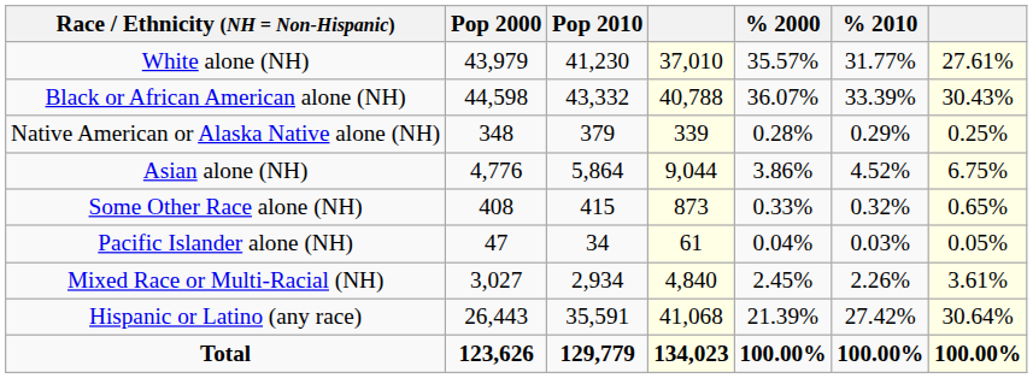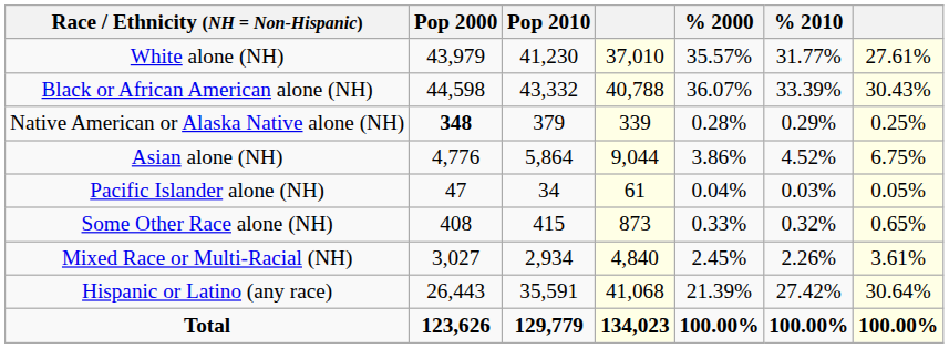 <table class="wikitable" style="text-align:center;">
 <tr>
 <th>Race / Ethnicity <small>(<em>NH = Non-Hispanic</em>)</small></th>
 <th>Pop 2000</th>
 <th>Pop 2010</th>
 <th></th>
 <th>% 2000</th>
 <th>% 2010</th>
 <th></th>
 </tr>
 <tr>
 <td><a href='#'>White</a> alone (NH)</td>
 <td>43,979</td>
 <td>41,230</td>
 <td style='background: #ffffe6;'>37,010</td>
 <td>35.57%</td>
 <td>31.77%</td>
 <td style='background: #ffffe6;'>27.61%</td>
 </tr>
 <tr>
 <td><a href='#'>Black or African American</a> alone (NH)</td>
 <td>44,598</td>
 <td>43,332</td>
 <td style='background: #ffffe6;'>40,788</td>
 <td>36.07%</td>
 <td>33.39%</td>
 <td style='background: #ffffe6;'>30.43%</td>
 </tr>
 <tr>
 <td>Native American or <a href='#'>Alaska Native</a> alone (NH)</td>
-<td>348</td>
+<td><strong>348</strong></td>
 <td>379</td>
 <td style='background: #ffffe6;'>339</td>
 <td>0.28%</td>
 <td>0.29%</td>
 <td style='background: #ffffe6;'>0.25%</td>
 </tr>
 <tr>
 <td><a href='#'>Asian</a> alone (NH)</td>
 <td>4,776</td>
 <td>5,864</td>
 <td style='background: #ffffe6;'>9,044</td>
 <td>3.86%</td>
 <td>4.52%</td>
 <td style='background: #ffffe6;'>6.75%</td>
 </tr>
 <tr>
+<td><a href='#'>Pacific Islander</a> alone (NH)</td>
+<td>47</td>
+<td>34</td>
+<td style='background: #ffffe6;'>61</td>
+<td>0.04%</td>
+<td>0.03%</td>
+<td style='background: #ffffe6;'>0.05%</td>
+</tr>
+<tr>
 <td><a href='#'>Some Other Race</a> alone (NH)</td>
 <td>408</td>
 <td>415</td>
 <td style='background: #ffffe6;'>873</td>
 <td>0.33%</td>
 <td>0.32%</td>
 <td style='background: #ffffe6;'>0.65%</td>
-</tr>
-<tr>
-<td><a href='#'>Pacific Islander</a> alone (NH)</td>
-<td>47</td>
-<td>34</td>
-<td style='background: #ffffe6;'>61</td>
-<td>0.04%</td>
-<td>0.03%</td>
-<td style='background: #ffffe6;'>0.05%</td>
 </tr>
 <tr>
 <td><a href='#'>Mixed Race or Multi-Racial</a> (NH)</td>
 <td>3,027</td>
 <td>2,934</td>
 <td style='background: #ffffe6;'>4,840</td>
 <td>2.45%</td>
 <td>2.26%</td>
 <td style='background: #ffffe6;'>3.61%</td>
 </tr>
 <tr>
 <td><a href='#'>Hispanic or Latino</a> (any race)</td>
 <td>26,443</td>
 <td>35,591</td>
 <td style='background: #ffffe6;'>41,068</td>
 <td>21.39%</td>
 <td>27.42%</td>
 <td style='background: #ffffe6;'>30.64%</td>
 </tr>
 <tr>
 <td><strong>Total</strong></td>
 <td><strong>123,626</strong></td>
 <td><strong>129,779</strong></td>
 <td style='background: #ffffe6;'><strong>134,023</strong></td>
 <td><strong>100.00%</strong></td>
 <td><strong>100.00%</strong></td>
 <td style='background: #ffffe6;'><strong>100.00%</strong></td>
 </tr>
 </table>
